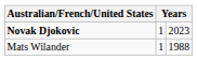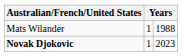 <table class=wikitable style="display:inline-table;">
 <tr>
 <th>Australian/French/United States</th>
 <th colspan=2>Years</th>
 </tr>
 <tr>
+<td> Mats Wilander</td>
+<td>1</td>
+<td>1988</td>
+</tr>
+<tr>
 <td> <strong>Novak Djokovic</strong></td>
 <td>1</td>
 <td>2023</td>
 </tr>
-<tr>
-<td> Mats Wilander</td>
-<td>1</td>
-<td>1988</td>
-</tr>
 </table>
